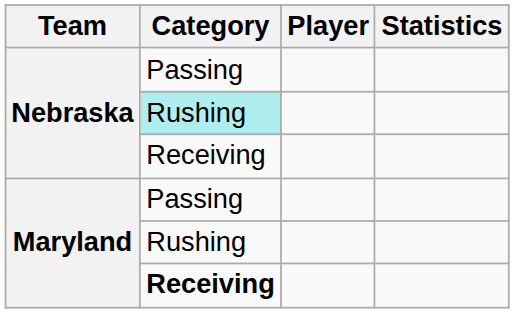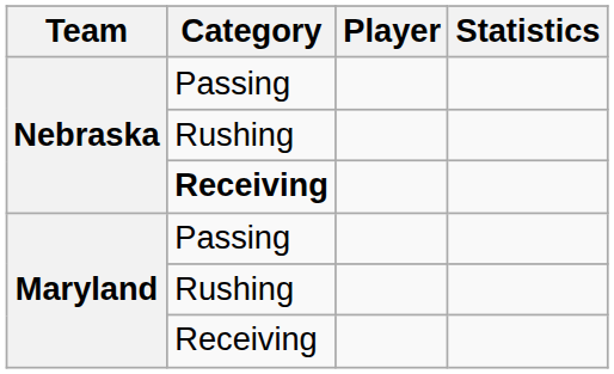 <table class="wikitable" style="float:right">
 <tr>
 <th>Team</th>
 <th>Category</th>
 <th>Player</th>
 <th>Statistics</th>
 </tr>
 <tr>
 <th rowspan=3>Nebraska</th>
 <td>Passing</td>
 <td></td>
 <td></td>
 </tr>
 <tr>
-<td style="background: paleturquoise;">Rushing</td>
+<td>Rushing</td>
 <td></td>
 <td></td>
 </tr>
 <tr>
-<td>Receiving</td>
+<td><strong>Receiving</strong></td>
 <td></td>
 <td></td>
 </tr>
 <tr>
 <th rowspan=3>Maryland</th>
 <td>Passing</td>
 <td></td>
 <td></td>
 </tr>
 <tr>
 <td>Rushing</td>
 <td></td>
 <td></td>
 </tr>
 <tr>
-<td><strong>Receiving</strong></td>
+<td>Receiving</td>
 <td></td>
 <td></td>
 </tr>
 </table>
